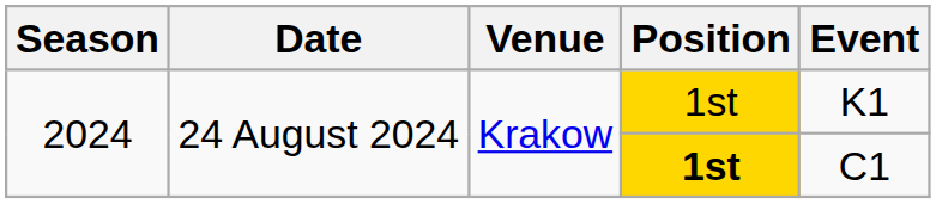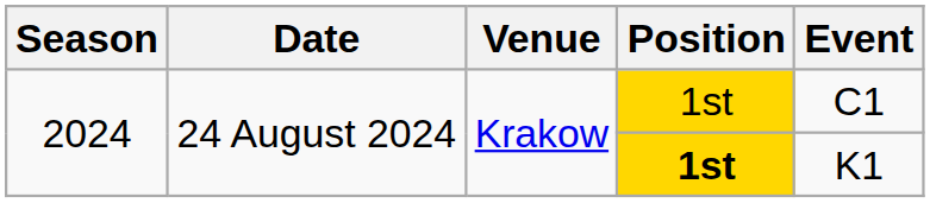 <table class="wikitable" style="text-align:center; font-size:95%;">
 <tr>
 <th>Season</th>
 <th>Date</th>
 <th>Venue</th>
 <th>Position</th>
 <th>Event</th>
 </tr>
 <tr>
 <td rowspan="2">2024</td>
 <td rowspan="2" align="right">24  August 2024</td>
 <td rowspan="2" align="left"><a href='#'>Krakow</a></td>
 <td bgcolor=gold>1st</td>
-<td>K1</td>
+<td>C1</td>
 </tr>
 <tr>
 <td bgcolor=gold><strong>1st</strong></td>
-<td>C1</td>
+<td>K1</td>
 </tr>
 </table>
